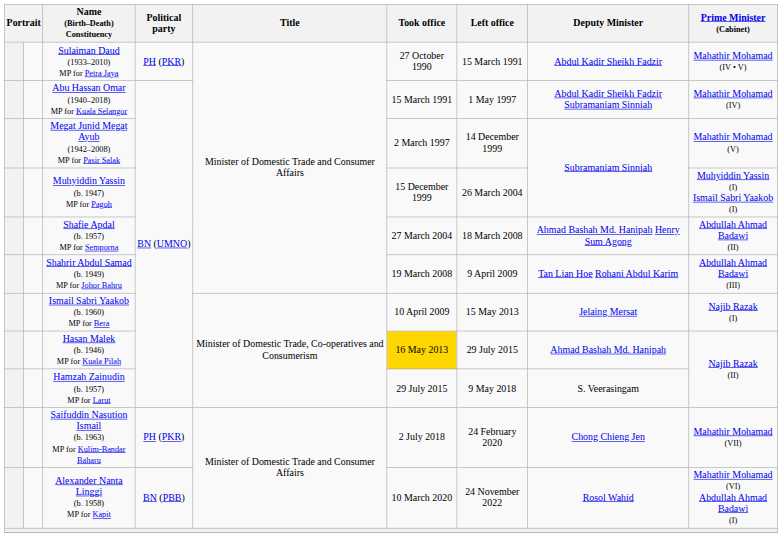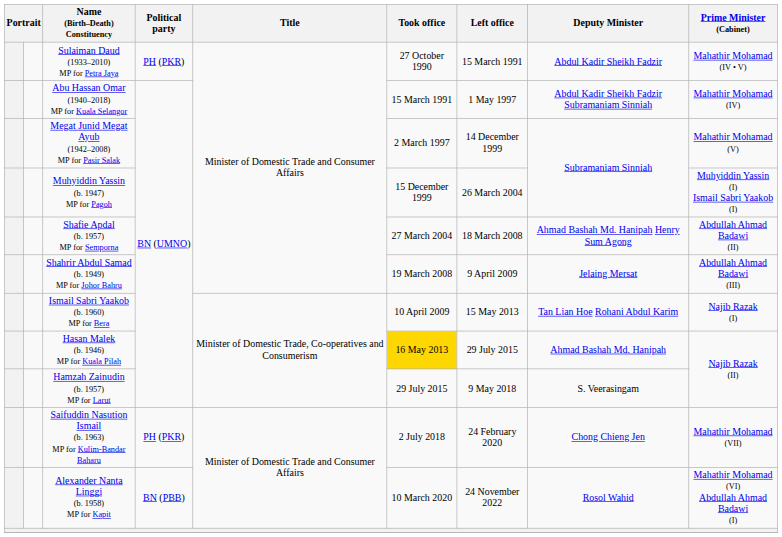 <table class="wikitable" style="text-align:center;">
 <tr>
 <th colspan=2>Portrait</th>
 <th>Name<br><small>(Birth–Death)<br>Constituency</small></th>
 <th>Political party</th>
 <th>Title</th>
 <th>Took office</th>
 <th>Left office</th>
 <th>Deputy Minister</th>
 <th><a href='#'>Prime Minister</a><br><small>(Cabinet)</small></th>
 </tr>
 <tr>
 <th style="background:"></th>
 <td></td>
 <td><a href='#'>Sulaiman Daud</a><br><small>(1933–2010)<br>MP for <a href='#'>Petra Jaya</a></small></td>
 <td><a href='#'>PH</a> (<a href='#'>PKR</a>)</td>
 <td rowspan=6>Minister of Domestic Trade and Consumer Affairs</td>
 <td>27 October 1990</td>
 <td>15 March 1991</td>
 <td><a href='#'>Abdul Kadir Sheikh Fadzir</a></td>
 <td><a href='#'>Mahathir Mohamad</a><br><small>(IV • V)</small></td>
 </tr>
 <tr>
 <th style="background:"></th>
 <td></td>
 <td><a href='#'>Abu Hassan Omar</a><br><small>(1940–2018)<br>MP for <a href='#'>Kuala Selangor</a></small></td>
 <td rowspan=8><a href='#'>BN</a> (<a href='#'>UMNO</a>)</td>
 <td>15 March 1991</td>
 <td>1 May 1997</td>
 <td><a href='#'>Abdul Kadir Sheikh Fadzir</a>  <a href='#'>Subramaniam Sinniah</a> </td>
 <td><a href='#'>Mahathir Mohamad</a><br><small>(IV)</small></td>
 </tr>
 <tr>
 <th style="background:"></th>
 <td></td>
 <td><a href='#'>Megat Junid Megat Ayub</a><br><small>(1942–2008)<br>MP for <a href='#'>Pasir Salak</a></small></td>
 <td>2 March 1997</td>
 <td>14 December 1999</td>
 <td rowspan="2"><a href='#'>Subramaniam Sinniah</a></td>
 <td><a href='#'>Mahathir Mohamad</a><br><small>(V)</small></td>
 </tr>
 <tr>
 <th style="background:"></th>
 <td></td>
 <td><a href='#'>Muhyiddin Yassin</a><br><small>(b. 1947)<br>MP for <a href='#'>Pagoh</a></small></td>
 <td>15 December 1999</td>
 <td>26 March 2004</td>
 <td><a href='#'>Muhyiddin Yassin</a><br><small>(I)</small><br><a href='#'>Ismail Sabri Yaakob</a><br><small>(I)</small></td>
 </tr>
 <tr>
 <th style="background:"></th>
 <td></td>
 <td><a href='#'>Shafie Apdal</a><br><small>(b. 1957)<br>MP for <a href='#'>Semporna</a></small></td>
 <td>27 March 2004</td>
 <td>18 March 2008</td>
 <td><a href='#'>Ahmad Bashah Md. Hanipah</a> <a href='#'>Henry Sum Agong</a> </td>
 <td><a href='#'>Abdullah Ahmad Badawi</a><br><small>(II)</small></td>
 </tr>
 <tr>
 <th style="background:"></th>
 <td></td>
 <td><a href='#'>Shahrir Abdul Samad</a><br><small>(b. 1949)<br>MP for <a href='#'>Johor Bahru</a></small></td>
 <td>19 March 2008</td>
 <td>9 April 2009</td>
-<td><a href='#'>Tan Lian Hoe</a> <a href='#'>Rohani Abdul Karim</a> </td>
+<td><a href='#'>Jelaing Mersat</a></td>
 <td><a href='#'>Abdullah Ahmad Badawi</a><br><small>(III)</small></td>
 </tr>
 <tr>
 <th style="background:"></th>
 <td></td>
 <td><a href='#'>Ismail Sabri Yaakob</a><br><small>(b. 1960)<br>MP for <a href='#'>Bera</a></small></td>
 <td rowspan=3>Minister of Domestic Trade, Co-operatives and Consumerism</td>
 <td>10 April 2009</td>
 <td>15 May 2013</td>
-<td><a href='#'>Jelaing Mersat</a></td>
+<td><a href='#'>Tan Lian Hoe</a> <a href='#'>Rohani Abdul Karim</a> </td>
 <td><a href='#'>Najib Razak</a><br><small>(I)</small></td>
 </tr>
 <tr>
 <th style="background:"></th>
 <td></td>
 <td><a href='#'>Hasan Malek</a><br><small>(b. 1946)<br>MP for <a href='#'>Kuala Pilah</a></small></td>
 <td style="background: gold;">16 May 2013</td>
 <td>29 July 2015</td>
 <td><a href='#'>Ahmad Bashah Md. Hanipah</a></td>
 <td rowspan="2"><a href='#'>Najib Razak</a><br><small>(II)</small></td>
 </tr>
 <tr>
 <th style="background:"></th>
 <td></td>
 <td><a href='#'>Hamzah Zainudin</a><br><small>(b. 1957)<br>MP for <a href='#'>Larut</a></small></td>
 <td>29 July 2015</td>
 <td>9 May 2018</td>
 <td>S. Veerasingam</td>
 </tr>
 <tr>
 <th style="background:"></th>
 <td></td>
 <td><a href='#'>Saifuddin Nasution Ismail</a><br><small>(b. 1963)<br>MP for <a href='#'>Kulim-Bandar Baharu</a></small></td>
 <td><a href='#'>PH</a> (<a href='#'>PKR</a>)</td>
 <td rowspan=2>Minister of Domestic Trade and Consumer Affairs</td>
 <td>2 July 2018</td>
 <td>24 February 2020</td>
 <td><a href='#'>Chong Chieng Jen</a></td>
 <td><a href='#'>Mahathir Mohamad</a><br><small>(VII)</small></td>
 </tr>
 <tr>
 <th style="background:"></th>
 <td></td>
 <td><a href='#'>Alexander Nanta Linggi</a><br><small>(b. 1958)<br>MP for <a href='#'>Kapit</a></small></td>
 <td><a href='#'>BN</a> (<a href='#'>PBB</a>)</td>
 <td>10 March 2020</td>
 <td>24 November 2022</td>
 <td><a href='#'>Rosol Wahid</a></td>
 <td><a href='#'>Mahathir Mohamad</a><br><small>(VI)</small><br><a href='#'>Abdullah Ahmad Badawi</a><br><small>(I)</small></td>
 </tr>
 <tr>
 <th colspan="9" bgcolor="cccccc"></th>
 </tr>
 <tr>
 </tr>
 </table>
